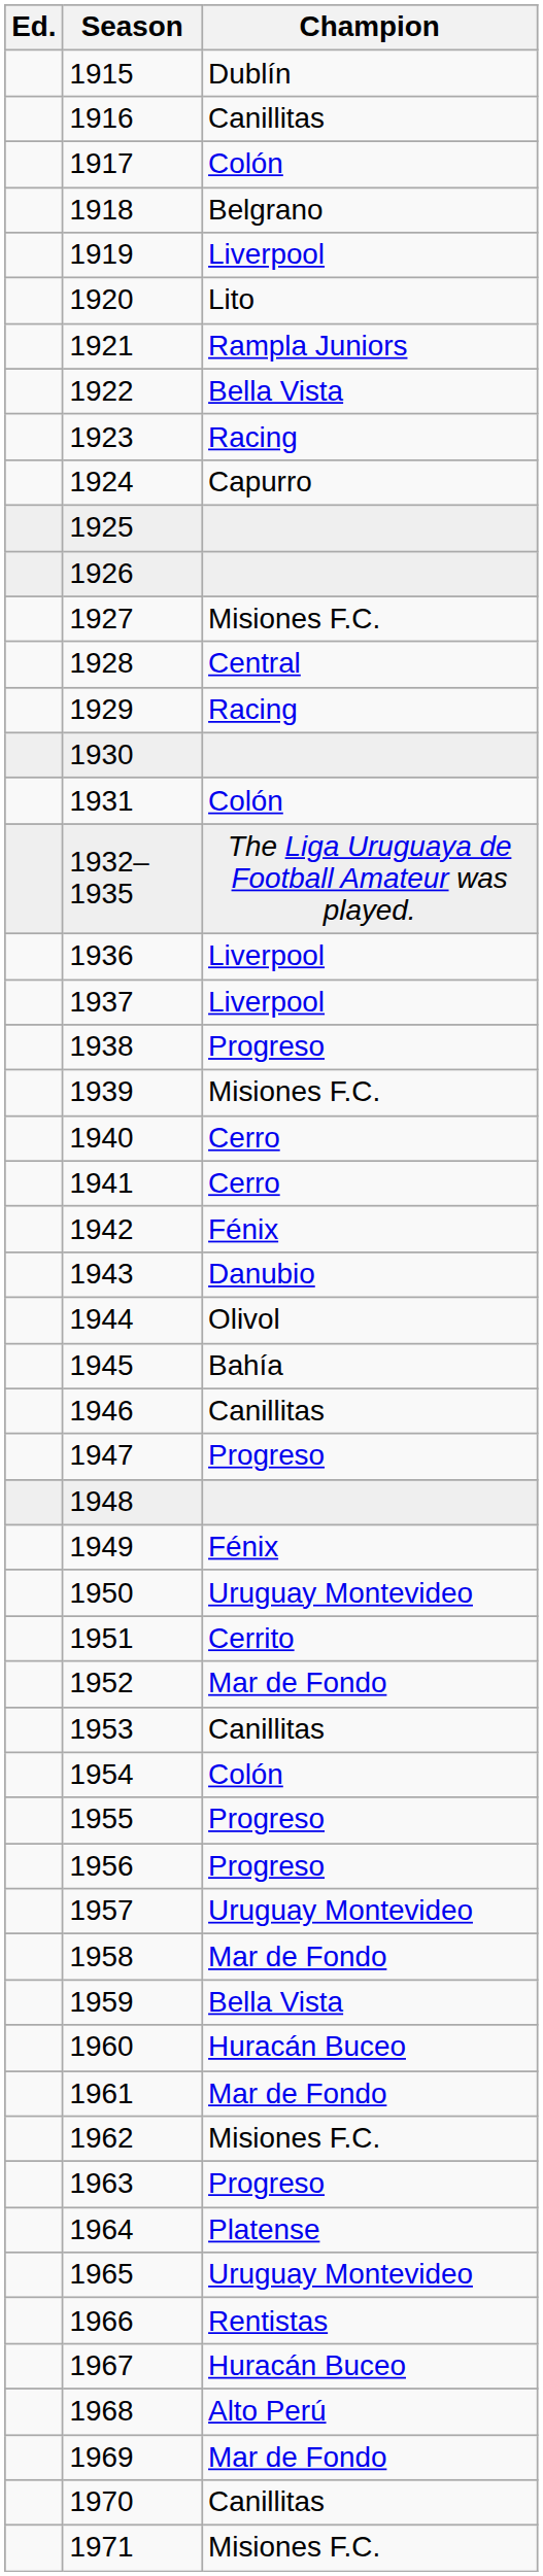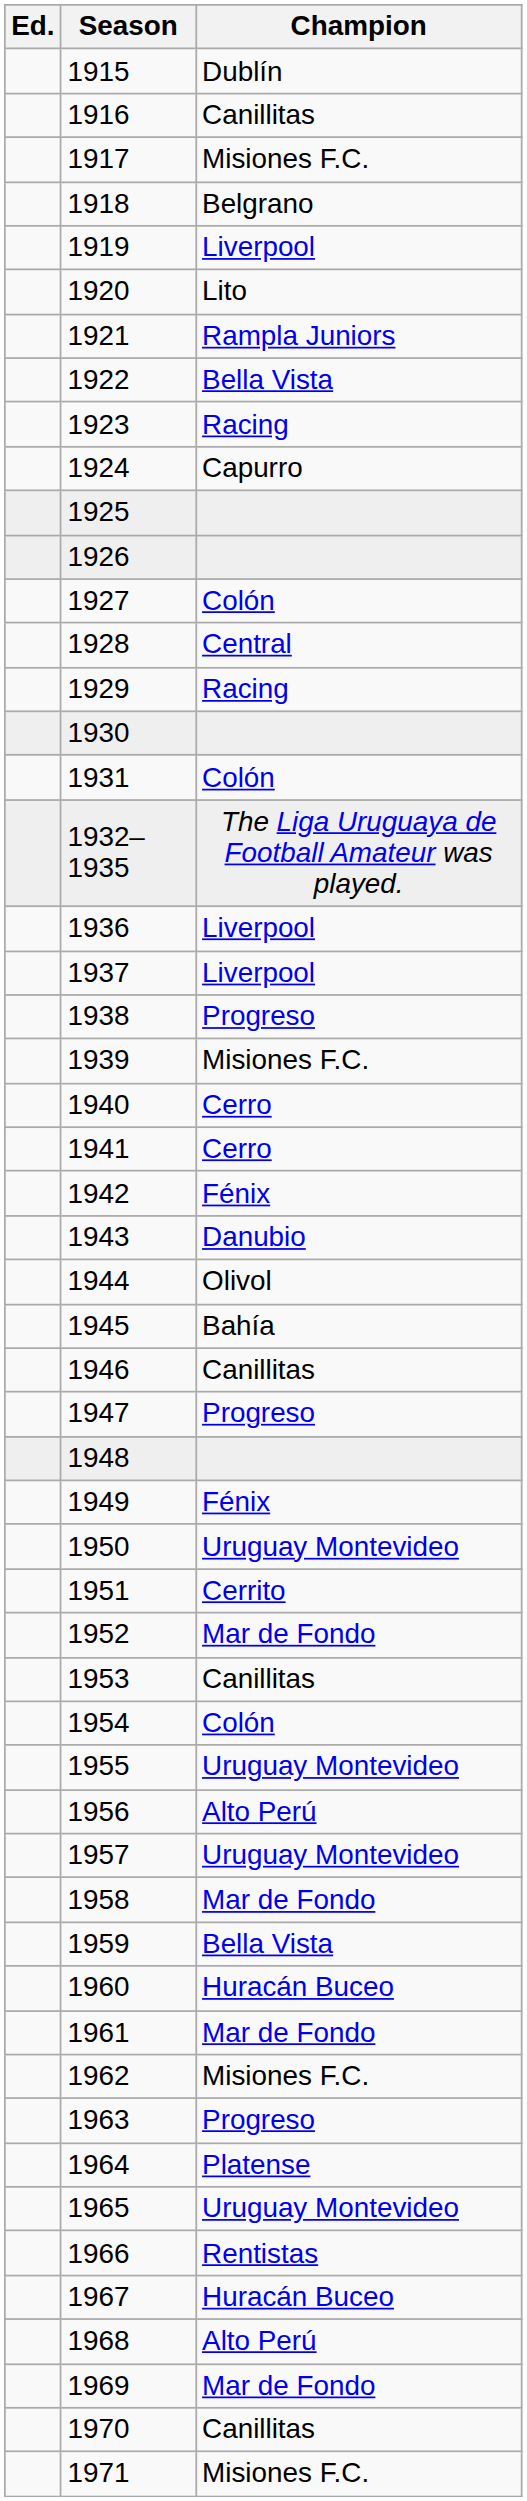 <table class="wikitable sortable">
 <tr>
 <th width=px>Ed.</th>
 <th width=70px>Season</th>
 <th width=180px>Champion</th>
 </tr>
 <tr>
 <td></td>
 <td>1915</td>
 <td>Dublín</td>
 </tr>
 <tr>
 <td></td>
 <td>1916</td>
 <td>Canillitas</td>
 </tr>
 <tr>
 <td></td>
 <td>1917</td>
-<td><a href='#'>Colón</a></td>
+<td>Misiones F.C. </td>
 </tr>
 <tr>
 <td></td>
 <td>1918</td>
 <td>Belgrano</td>
 </tr>
 <tr>
 <td></td>
 <td>1919</td>
 <td><a href='#'>Liverpool</a></td>
 </tr>
 <tr>
 <td></td>
 <td>1920</td>
 <td>Lito</td>
 </tr>
 <tr>
 <td></td>
 <td>1921</td>
 <td><a href='#'>Rampla Juniors</a></td>
 </tr>
 <tr>
 <td></td>
 <td>1922</td>
 <td><a href='#'>Bella Vista</a></td>
 </tr>
 <tr>
 <td></td>
 <td>1923</td>
 <td><a href='#'>Racing</a></td>
 </tr>
 <tr>
 <td></td>
 <td>1924</td>
 <td>Capurro</td>
 </tr>
 <tr bgcolor=#efefef>
 <td></td>
 <td>1925</td>
 <td style="background:#efefef"><em></em></td>
 </tr>
 <tr bgcolor=#efefef>
 <td></td>
 <td>1926</td>
 <td style="background:#efefef"><em></em></td>
 </tr>
 <tr>
 <td></td>
 <td>1927</td>
-<td>Misiones F.C. </td>
+<td><a href='#'>Colón</a></td>
 </tr>
 <tr>
 <td></td>
 <td>1928</td>
 <td><a href='#'>Central</a></td>
 </tr>
 <tr>
 <td></td>
 <td>1929</td>
 <td><a href='#'>Racing</a></td>
 </tr>
 <tr bgcolor=#efefef>
 <td></td>
 <td>1930</td>
 <td style="background:#efefef"><em></em></td>
 </tr>
 <tr>
 <td></td>
 <td>1931</td>
 <td><a href='#'>Colón</a></td>
 </tr>
 <tr bgcolor=#efefef>
 <td></td>
 <td>1932–1935</td>
 <td colspan="2" align=center><em>The <a href='#'>Liga Uruguaya de Football Amateur</a> was played.</em></td>
 </tr>
 <tr>
 <td></td>
 <td>1936</td>
 <td><a href='#'>Liverpool</a></td>
 </tr>
 <tr>
 <td></td>
 <td>1937</td>
 <td><a href='#'>Liverpool</a></td>
 </tr>
 <tr>
 <td></td>
 <td>1938</td>
 <td><a href='#'>Progreso</a></td>
 </tr>
 <tr>
 <td></td>
 <td>1939</td>
 <td>Misiones F.C. </td>
 </tr>
 <tr>
 <td></td>
 <td>1940</td>
 <td><a href='#'>Cerro</a></td>
 </tr>
 <tr>
 <td></td>
 <td>1941</td>
 <td><a href='#'>Cerro</a></td>
 </tr>
 <tr>
 <td></td>
 <td>1942</td>
 <td><a href='#'>Fénix</a></td>
 </tr>
 <tr>
 <td></td>
 <td>1943</td>
 <td><a href='#'>Danubio</a></td>
 </tr>
 <tr>
 <td></td>
 <td>1944</td>
 <td>Olivol</td>
 </tr>
 <tr>
 <td></td>
 <td>1945</td>
 <td>Bahía</td>
 </tr>
 <tr>
 <td></td>
 <td>1946</td>
 <td>Canillitas</td>
 </tr>
 <tr>
 <td></td>
 <td>1947</td>
 <td><a href='#'>Progreso</a></td>
 </tr>
 <tr bgcolor=#efefef>
 <td></td>
 <td>1948</td>
 <td style="background:#efefef"><em></em></td>
 </tr>
 <tr>
 <td></td>
 <td>1949</td>
 <td><a href='#'>Fénix</a></td>
 </tr>
 <tr>
 <td></td>
 <td>1950</td>
 <td><a href='#'>Uruguay Montevideo</a></td>
 </tr>
 <tr>
 <td></td>
 <td>1951</td>
 <td><a href='#'>Cerrito</a></td>
 </tr>
 <tr>
 <td></td>
 <td>1952</td>
 <td><a href='#'>Mar de Fondo</a></td>
 </tr>
 <tr>
 <td></td>
 <td>1953</td>
 <td>Canillitas</td>
 </tr>
 <tr>
 <td></td>
 <td>1954</td>
 <td><a href='#'>Colón</a></td>
 </tr>
 <tr>
 <td></td>
 <td>1955</td>
-<td><a href='#'>Progreso</a></td>
+<td><a href='#'>Uruguay Montevideo</a></td>
 </tr>
 <tr>
 <td></td>
 <td>1956</td>
-<td><a href='#'>Progreso</a></td>
+<td><a href='#'>Alto Perú</a></td>
 </tr>
 <tr>
 <td></td>
 <td>1957</td>
 <td><a href='#'>Uruguay Montevideo</a></td>
 </tr>
 <tr>
 <td></td>
 <td>1958</td>
 <td><a href='#'>Mar de Fondo</a></td>
 </tr>
 <tr>
 <td></td>
 <td>1959</td>
 <td><a href='#'>Bella Vista</a></td>
 </tr>
 <tr>
 <td></td>
 <td>1960</td>
 <td><a href='#'>Huracán Buceo</a></td>
 </tr>
 <tr>
 <td></td>
 <td>1961</td>
 <td><a href='#'>Mar de Fondo</a></td>
 </tr>
 <tr>
 <td></td>
 <td>1962</td>
 <td>Misiones F.C. </td>
 </tr>
 <tr>
 <td></td>
 <td>1963</td>
 <td><a href='#'>Progreso</a></td>
 </tr>
 <tr>
 <td></td>
 <td>1964</td>
 <td><a href='#'>Platense</a></td>
 </tr>
 <tr>
 <td></td>
 <td>1965</td>
 <td><a href='#'>Uruguay Montevideo</a></td>
 </tr>
 <tr>
 <td></td>
 <td>1966</td>
 <td><a href='#'>Rentistas</a></td>
 </tr>
 <tr>
 <td></td>
 <td>1967</td>
 <td><a href='#'>Huracán Buceo</a></td>
 </tr>
 <tr>
 <td></td>
 <td>1968</td>
 <td><a href='#'>Alto Perú</a></td>
 </tr>
 <tr>
 <td></td>
 <td>1969</td>
 <td><a href='#'>Mar de Fondo</a></td>
 </tr>
 <tr>
 <td></td>
 <td>1970</td>
 <td>Canillitas</td>
 </tr>
 <tr>
 <td></td>
 <td>1971</td>
 <td>Misiones F.C. </td>
 </tr>
 </table>
